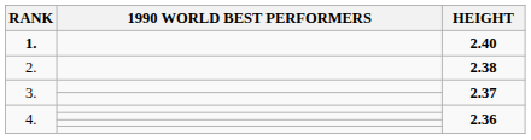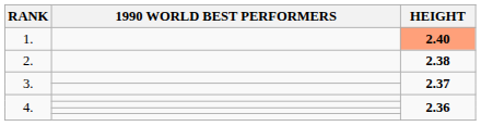 <table class="wikitable" style="border-collapse: collapse; font-size: 90%;">
 <tr>
 <th>RANK</th>
 <th align="center" style="width: 25em">1990 WORLD BEST PERFORMERS</th>
 <th align="center" style="width: 5em">HEIGHT</th>
 </tr>
 <tr>
-<td align="center"><strong>1.</strong></td>
+<td align="center">1.</td>
 <td></td>
-<td align="center"><strong>2.40</strong></td>
+<td align="center" style="background: lightsalmon;"><strong>2.40</strong></td>
 </tr>
 <tr>
 <td align="center">2.</td>
 <td></td>
 <td align="center"><strong>2.38</strong></td>
 </tr>
 <tr>
 <td rowspan=2 align="center">3.</td>
 <td></td>
 <td rowspan=2 align="center"><strong>2.37</strong></td>
 </tr>
 <tr>
 <td></td>
 </tr>
 <tr>
 <td rowspan=4 align="center">4.</td>
 <td></td>
 <td rowspan=4 align="center"><strong>2.36</strong></td>
 </tr>
 <tr>
 <td></td>
 </tr>
 <tr>
 <td></td>
 </tr>
 <tr>
 <td></td>
 </tr>
 </table>
